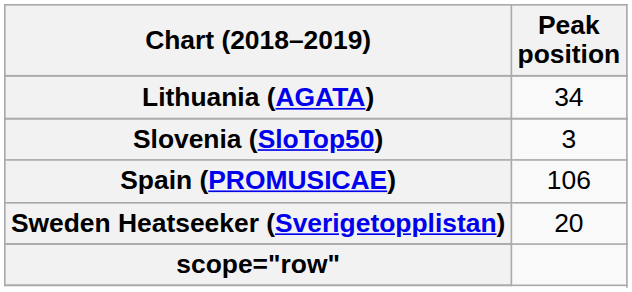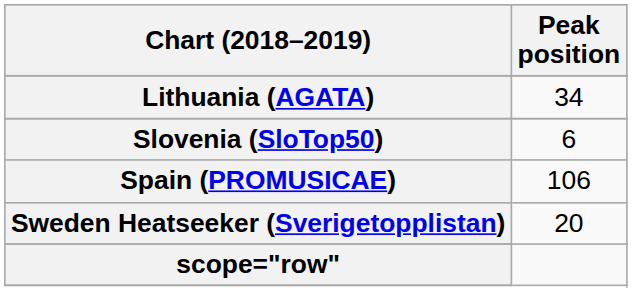 <table class="wikitable sortable plainrowheaders" style="text-align:center">
 <tr>
 <th scope="col">Chart (2018–2019)</th>
 <th scope="col">Peak<br> position</th>
 </tr>
 <tr>
 </tr>
 <tr>
 </tr>
 <tr>
 </tr>
 <tr>
 </tr>
 <tr>
 </tr>
 <tr>
 </tr>
 <tr>
 </tr>
 <tr>
 </tr>
 <tr>
 </tr>
 <tr>
 </tr>
 <tr>
 </tr>
 <tr>
 </tr>
 <tr>
 <th scope="row">Lithuania (<a href='#'>AGATA</a>)</th>
 <td>34</td>
 </tr>
 <tr>
 </tr>
 <tr>
 </tr>
 <tr>
 </tr>
 <tr>
 </tr>
 <tr>
 <th scope="row">Slovenia (<a href='#'>SloTop50</a>)</th>
-<td>3</td>
+<td>6</td>
 </tr>
 <tr>
 <th scope="row">Spain (<a href='#'>PROMUSICAE</a>)</th>
 <td>106</td>
 </tr>
 <tr>
 <th scope="row">Sweden Heatseeker (<a href='#'>Sverigetopplistan</a>)</th>
 <td>20</td>
 </tr>
 <tr>
 </tr>
 <tr>
 <th>scope="row"</th>
 </tr>
 <tr>
 </tr>
 </table>
